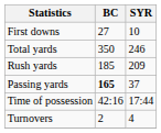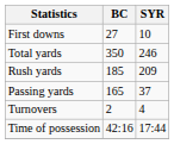 <table class="wikitable" style="float: left;">
 <tr>
 <th>Statistics</th>
 <th>BC</th>
 <th>SYR</th>
 </tr>
 <tr>
 <td>First downs</td>
 <td>27</td>
 <td>10</td>
 </tr>
 <tr>
 <td>Total yards</td>
 <td>350</td>
 <td>246</td>
 </tr>
 <tr>
 <td>Rush yards</td>
 <td>185</td>
 <td>209</td>
 </tr>
 <tr>
 <td>Passing yards</td>
-<td><strong>165</strong></td>
+<td>165</td>
 <td>37</td>
+</tr>
+<tr>
+<td>Turnovers</td>
+<td>2</td>
+<td>4</td>
 </tr>
 <tr>
 <td>Time of possession</td>
 <td>42:16</td>
 <td>17:44</td>
 </tr>
 <tr>
-<td>Turnovers</td>
-<td>2</td>
-<td>4</td>
-</tr>
-<tr>
 </tr>
 </table>
